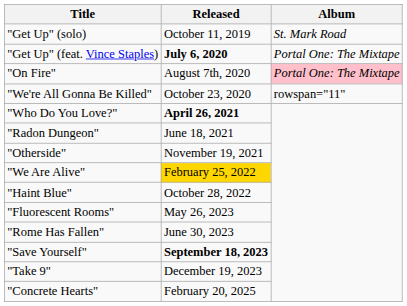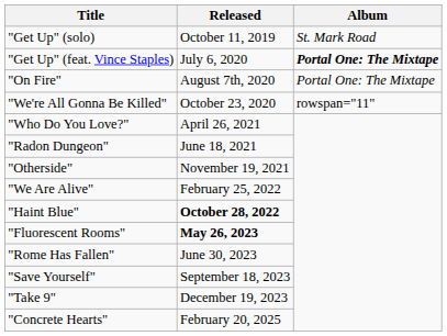 <table class="wikitable">
 <tr>
 <th>Title</th>
 <th>Released</th>
 <th>Album</th>
 </tr>
 <tr>
 <td>"Get Up" (solo)</td>
 <td>October 11, 2019</td>
 <td><em>St. Mark Road</em></td>
 </tr>
 <tr>
 <td>"Get Up" (feat. <a href='#'>Vince Staples</a>)</td>
-<td><strong>July 6, 2020</strong></td>
-<td><em>Portal One: The Mixtape</em></td>
+<td>July 6, 2020</td>
+<td><strong><em>Portal One: The Mixtape</em></strong></td>
 </tr>
 <tr>
 <td>"On Fire"</td>
 <td>August 7th, 2020</td>
-<td style="background: pink;"><em>Portal One: The Mixtape</em></td>
+<td><em>Portal One: The Mixtape</em></td>
 </tr>
 <tr>
 <td>"We're All Gonna Be Killed"</td>
 <td>October 23, 2020</td>
 <td>rowspan="11" </td>
 </tr>
 <tr>
 <td>"Who Do You Love?"</td>
-<td><strong>April 26, 2021</strong></td>
+<td>April 26, 2021</td>
 </tr>
 <tr>
 <td>"Radon Dungeon"</td>
 <td>June 18, 2021</td>
 </tr>
 <tr>
 <td>"Otherside"</td>
 <td>November 19, 2021</td>
 </tr>
 <tr>
 <td>"We Are Alive"</td>
-<td style="background: gold;">February 25, 2022</td>
+<td>February 25, 2022</td>
 </tr>
 <tr>
 <td>"Haint Blue"</td>
-<td>October 28, 2022</td>
+<td><strong>October 28, 2022</strong></td>
 </tr>
 <tr>
 <td>"Fluorescent Rooms"</td>
-<td>May 26, 2023</td>
+<td><strong>May 26, 2023</strong></td>
 </tr>
 <tr>
 <td>"Rome Has Fallen"</td>
 <td>June 30, 2023</td>
 </tr>
 <tr>
 <td>"Save Yourself"</td>
-<td><strong>September 18, 2023</strong></td>
+<td>September 18, 2023</td>
 </tr>
 <tr>
 <td>"Take 9"</td>
 <td>December 19, 2023</td>
 </tr>
 <tr>
 <td>"Concrete Hearts"</td>
 <td>February 20, 2025</td>
 </tr>
 </table>
